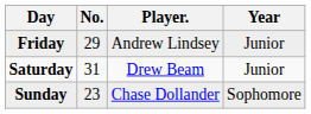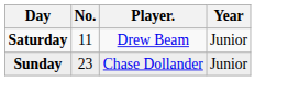 <table class="wikitable non-sortable">
 <tr>
 <th style="text-align:center; ">Day</th>
 <th style="text-align:center; ">No.</th>
 <th style="text-align:center; ">Player.</th>
 <th style="text-align:center; ">Year</th>
 </tr>
-<tr style="background:#eeeeee;text-align:center;">
-<td><strong>Friday</strong></td>
-<td>29</td>
-<td>Andrew Lindsey</td>
-<td>Junior</td>
-</tr>
 <tr style="text-align:center;">
 <td><strong>Saturday</strong></td>
-<td>31</td>
+<td>11</td>
 <td><a href='#'>Drew Beam</a></td>
 <td>Junior</td>
 </tr>
 <tr style="background:#eeeeee;text-align:center;">
 <td><strong>Sunday</strong></td>
 <td>23</td>
 <td><a href='#'>Chase Dollander</a></td>
-<td>Sophomore</td>
+<td>Junior</td>
 </tr>
 </table>
